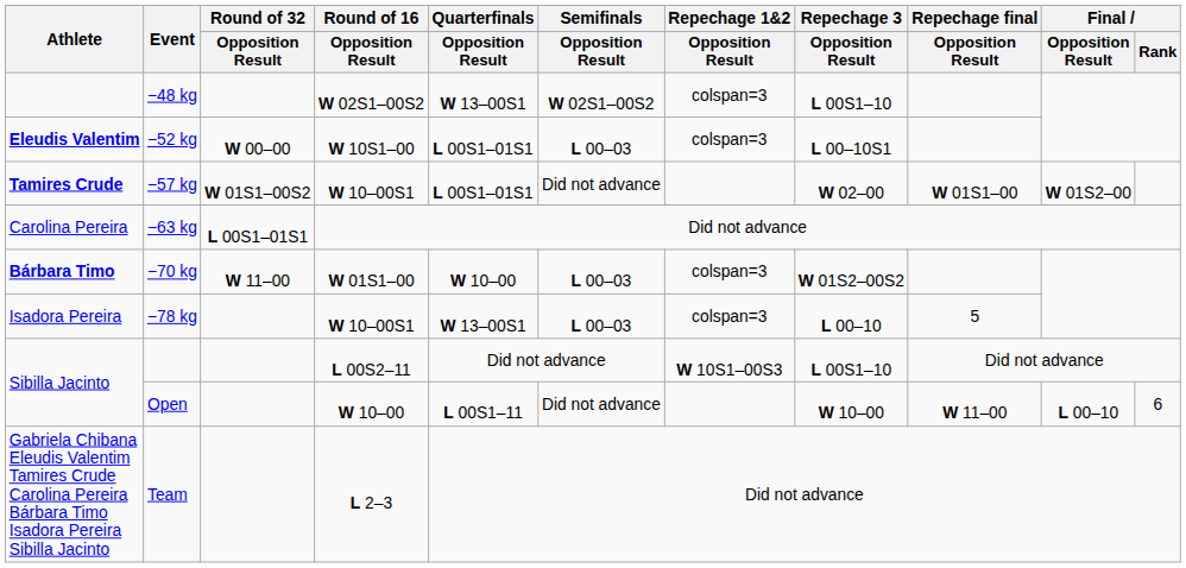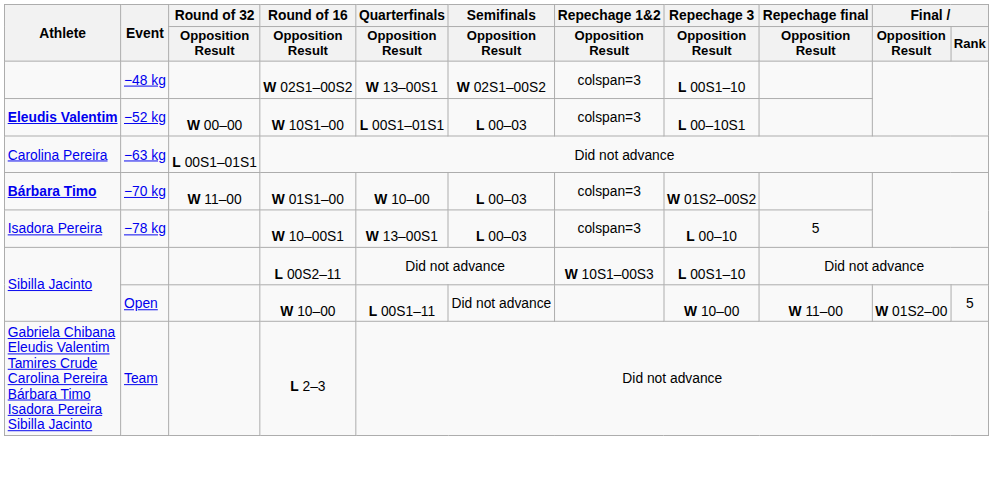 <table class="wikitable" style="font-size:90%">
 <tr>
 <th rowspan="2">Athlete</th>
 <th rowspan="2">Event</th>
 <th>Round of 32</th>
 <th>Round of 16</th>
 <th>Quarterfinals</th>
 <th>Semifinals</th>
 <th>Repechage 1&2</th>
 <th>Repechage 3</th>
 <th>Repechage final</th>
 <th colspan=2>Final / </th>
 </tr>
 <tr style="font-size:95%">
 <th>Opposition<br>Result</th>
 <th>Opposition<br>Result</th>
 <th>Opposition<br>Result</th>
 <th>Opposition<br>Result</th>
 <th>Opposition<br>Result</th>
 <th>Opposition<br>Result</th>
 <th>Opposition<br>Result</th>
 <th>Opposition<br>Result</th>
 <th>Rank</th>
 </tr>
 <tr align=center>
 <td align=left></td>
 <td align=left><a href='#'>−48 kg</a></td>
 <td></td>
 <td><br><strong>W</strong> 02S1–00S2</td>
 <td><br><strong>W</strong> 13–00S1</td>
 <td><br><strong>W</strong> 02S1–00S2</td>
 <td>colspan=3 </td>
 <td><br><strong>L</strong> 00S1–10</td>
 <td></td>
 </tr>
 <tr align=center>
 <td align=left><strong><a href='#'>Eleudis Valentim</a></strong></td>
 <td align=left><a href='#'>−52 kg</a></td>
 <td><br><strong>W</strong> 00–00</td>
 <td><br><strong>W</strong> 10S1–00</td>
 <td><br><strong>L</strong> 00S1–01S1</td>
 <td><br><strong>L</strong> 00–03</td>
 <td>colspan=3 </td>
 <td><br><strong>L</strong> 00–10S1</td>
-<td></td>
-</tr>
-<tr align=center>
-<td align=left><strong><a href='#'>Tamires Crude</a></strong></td>
-<td align=left><a href='#'>−57 kg</a></td>
-<td><br><strong>W</strong> 01S1–00S2</td>
-<td><br><strong>W</strong> 10–00S1</td>
-<td><br><strong>L</strong> 00S1–01S1</td>
-<td>Did not advance</td>
-<td></td>
-<td><br><strong>W</strong> 02–00</td>
-<td><br><strong>W</strong> 01S1–00</td>
-<td><br><strong>W</strong> 01S2–00</td>
 <td></td>
 </tr>
 <tr align=center>
 <td align=left><a href='#'>Carolina Pereira</a></td>
 <td align=left><a href='#'>−63 kg</a></td>
 <td><br><strong>L</strong> 00S1–01S1</td>
 <td colspan=8>Did not advance</td>
 </tr>
 <tr align=center>
 <td align=left><strong><a href='#'>Bárbara Timo</a></strong></td>
 <td align=left><a href='#'>−70 kg</a></td>
 <td><br><strong>W</strong> 11–00</td>
 <td><br><strong>W</strong> 01S1–00</td>
 <td><br><strong>W</strong> 10–00</td>
 <td><br><strong>L</strong> 00–03</td>
 <td>colspan=3 </td>
 <td><br><strong>W</strong> 01S2–00S2</td>
 <td></td>
 </tr>
 <tr align=center>
 <td align=left><a href='#'>Isadora Pereira</a></td>
 <td align=left><a href='#'>−78 kg</a></td>
 <td></td>
 <td><br><strong>W</strong> 10–00S1</td>
 <td><br><strong>W</strong> 13–00S1</td>
 <td><br><strong>L</strong> 00–03</td>
 <td>colspan=3 </td>
 <td><br><strong>L</strong> 00–10</td>
 <td>5</td>
 </tr>
 <tr align=center>
 <td align=left rowspan=2><a href='#'>Sibilla Jacinto</a></td>
 <td align=left></td>
 <td></td>
 <td><br><strong>L</strong> 00S2–11</td>
 <td colspan=2>Did not advance</td>
 <td><br><strong>W</strong> 10S1–00S3</td>
 <td><br><strong>L</strong> 00S1–10</td>
 <td colspan=3>Did not advance</td>
 </tr>
 <tr align=center>
 <td align=left><a href='#'>Open</a></td>
 <td></td>
 <td><br><strong>W</strong> 10–00</td>
 <td><br><strong>L</strong> 00S1–11</td>
 <td>Did not advance</td>
 <td></td>
 <td><br><strong>W</strong> 10–00</td>
 <td><br><strong>W</strong> 11–00</td>
-<td><br><strong>L</strong> 00–10</td>
-<td>6</td>
+<td><br><strong>W</strong> 01S2–00</td>
+<td>5</td>
 </tr>
 <tr align=center>
 <td align=left><a href='#'>Gabriela Chibana</a><br><a href='#'>Eleudis Valentim</a><br><a href='#'>Tamires Crude</a><br><a href='#'>Carolina Pereira</a><br><a href='#'>Bárbara Timo</a><br><a href='#'>Isadora Pereira</a><br><a href='#'>Sibilla Jacinto</a></td>
 <td align=left><a href='#'>Team</a></td>
 <td></td>
 <td><br><strong>L</strong> 2–3</td>
 <td colspan=7>Did not advance</td>
 </tr>
 </table>
